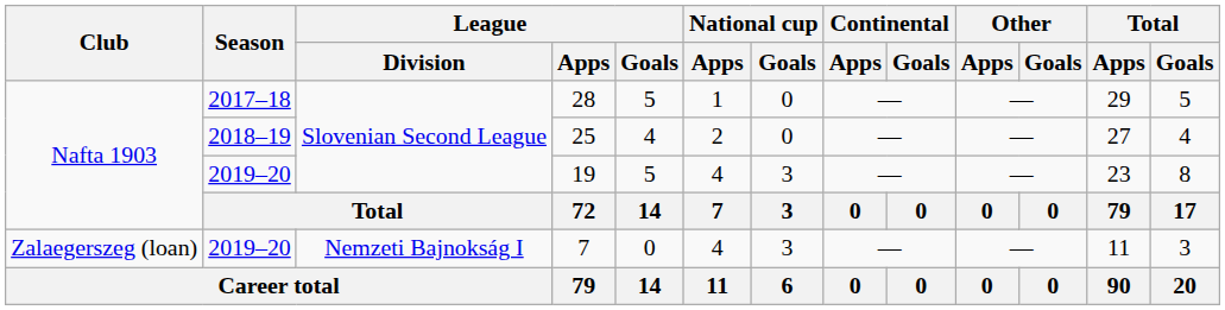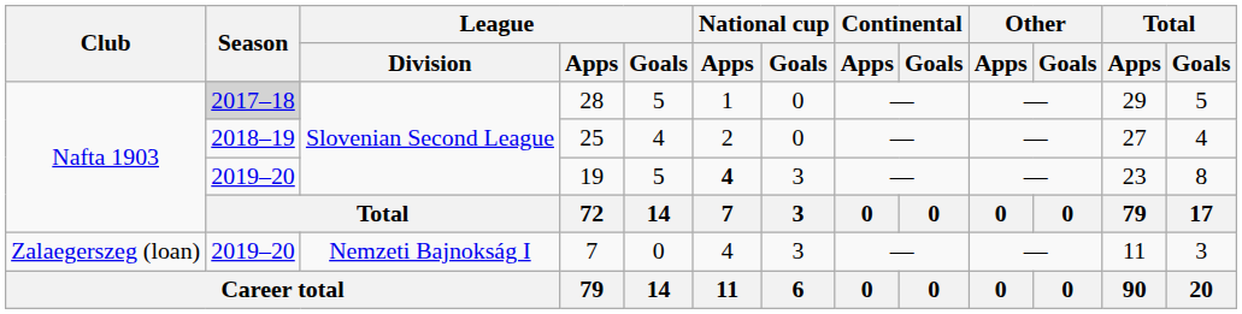 <table class="wikitable" style="text-align:center">
 <tr>
 <th rowspan="2">Club</th>
 <th rowspan="2">Season</th>
 <th colspan="3">League</th>
 <th colspan="2">National cup</th>
 <th colspan="2">Continental</th>
 <th colspan="2">Other</th>
 <th colspan="2">Total</th>
 </tr>
 <tr>
 <th>Division</th>
 <th>Apps</th>
 <th>Goals</th>
 <th>Apps</th>
 <th>Goals</th>
 <th>Apps</th>
 <th>Goals</th>
 <th>Apps</th>
 <th>Goals</th>
 <th>Apps</th>
 <th>Goals</th>
 </tr>
 <tr>
 <td rowspan="4"><a href='#'>Nafta 1903</a></td>
-<td><a href='#'>2017–18</a></td>
+<td style="background: lightgrey;"><a href='#'>2017–18</a></td>
 <td rowspan="3"><a href='#'>Slovenian Second League</a></td>
 <td>28</td>
 <td>5</td>
 <td>1</td>
 <td>0</td>
 <td colspan="2">—</td>
 <td colspan="2">—</td>
 <td>29</td>
 <td>5</td>
 </tr>
 <tr>
 <td><a href='#'>2018–19</a></td>
 <td>25</td>
 <td>4</td>
 <td>2</td>
 <td>0</td>
 <td colspan="2">—</td>
 <td colspan="2">—</td>
 <td>27</td>
 <td>4</td>
 </tr>
 <tr>
 <td><a href='#'>2019–20</a></td>
 <td>19</td>
 <td>5</td>
-<td>4</td>
+<td><strong>4</strong></td>
 <td>3</td>
 <td colspan="2">—</td>
 <td colspan="2">—</td>
 <td>23</td>
 <td>8</td>
 </tr>
 <tr>
 <th colspan="2">Total</th>
 <th>72</th>
 <th>14</th>
 <th>7</th>
 <th>3</th>
 <th>0</th>
 <th>0</th>
 <th>0</th>
 <th>0</th>
 <th>79</th>
 <th>17</th>
 </tr>
 <tr>
 <td><a href='#'>Zalaegerszeg</a> (loan)</td>
 <td><a href='#'>2019–20</a></td>
 <td><a href='#'>Nemzeti Bajnokság I</a></td>
 <td>7</td>
 <td>0</td>
 <td>4</td>
 <td>3</td>
 <td colspan="2">—</td>
 <td colspan="2">—</td>
 <td>11</td>
 <td>3</td>
 </tr>
 <tr>
 <th colspan="3">Career total</th>
 <th>79</th>
 <th>14</th>
 <th>11</th>
 <th>6</th>
 <th>0</th>
 <th>0</th>
 <th>0</th>
 <th>0</th>
 <th>90</th>
 <th>20</th>
 </tr>
 </table>
